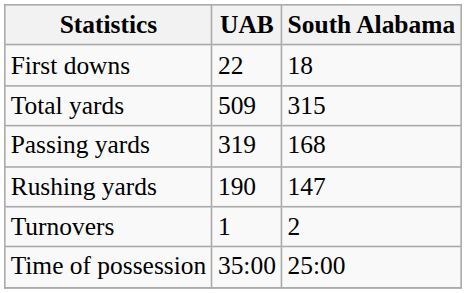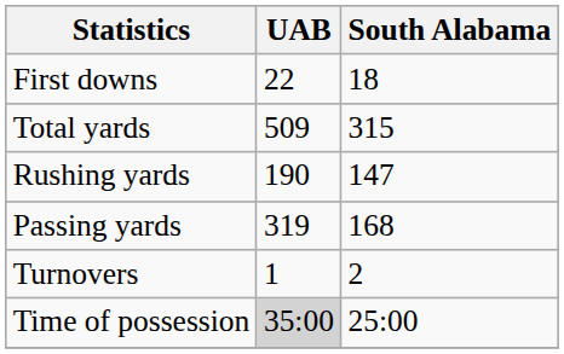 <table class="wikitable">
 <tr>
 <th>Statistics</th>
 <th>UAB</th>
 <th>South Alabama</th>
 </tr>
 <tr>
 <td>First downs</td>
 <td>22</td>
 <td>18</td>
 </tr>
 <tr>
 <td>Total yards</td>
 <td>509</td>
 <td>315</td>
 </tr>
 <tr>
+<td>Rushing yards</td>
+<td>190</td>
+<td>147</td>
+</tr>
+<tr>
 <td>Passing yards</td>
 <td>319</td>
 <td>168</td>
-</tr>
-<tr>
-<td>Rushing yards</td>
-<td>190</td>
-<td>147</td>
 </tr>
 <tr>
 <td>Turnovers</td>
 <td>1</td>
 <td>2</td>
 </tr>
 <tr>
 <td>Time of possession</td>
-<td>35:00</td>
+<td style="background: lightgrey;">35:00</td>
 <td>25:00</td>
 </tr>
 <tr>
 </tr>
 </table>
